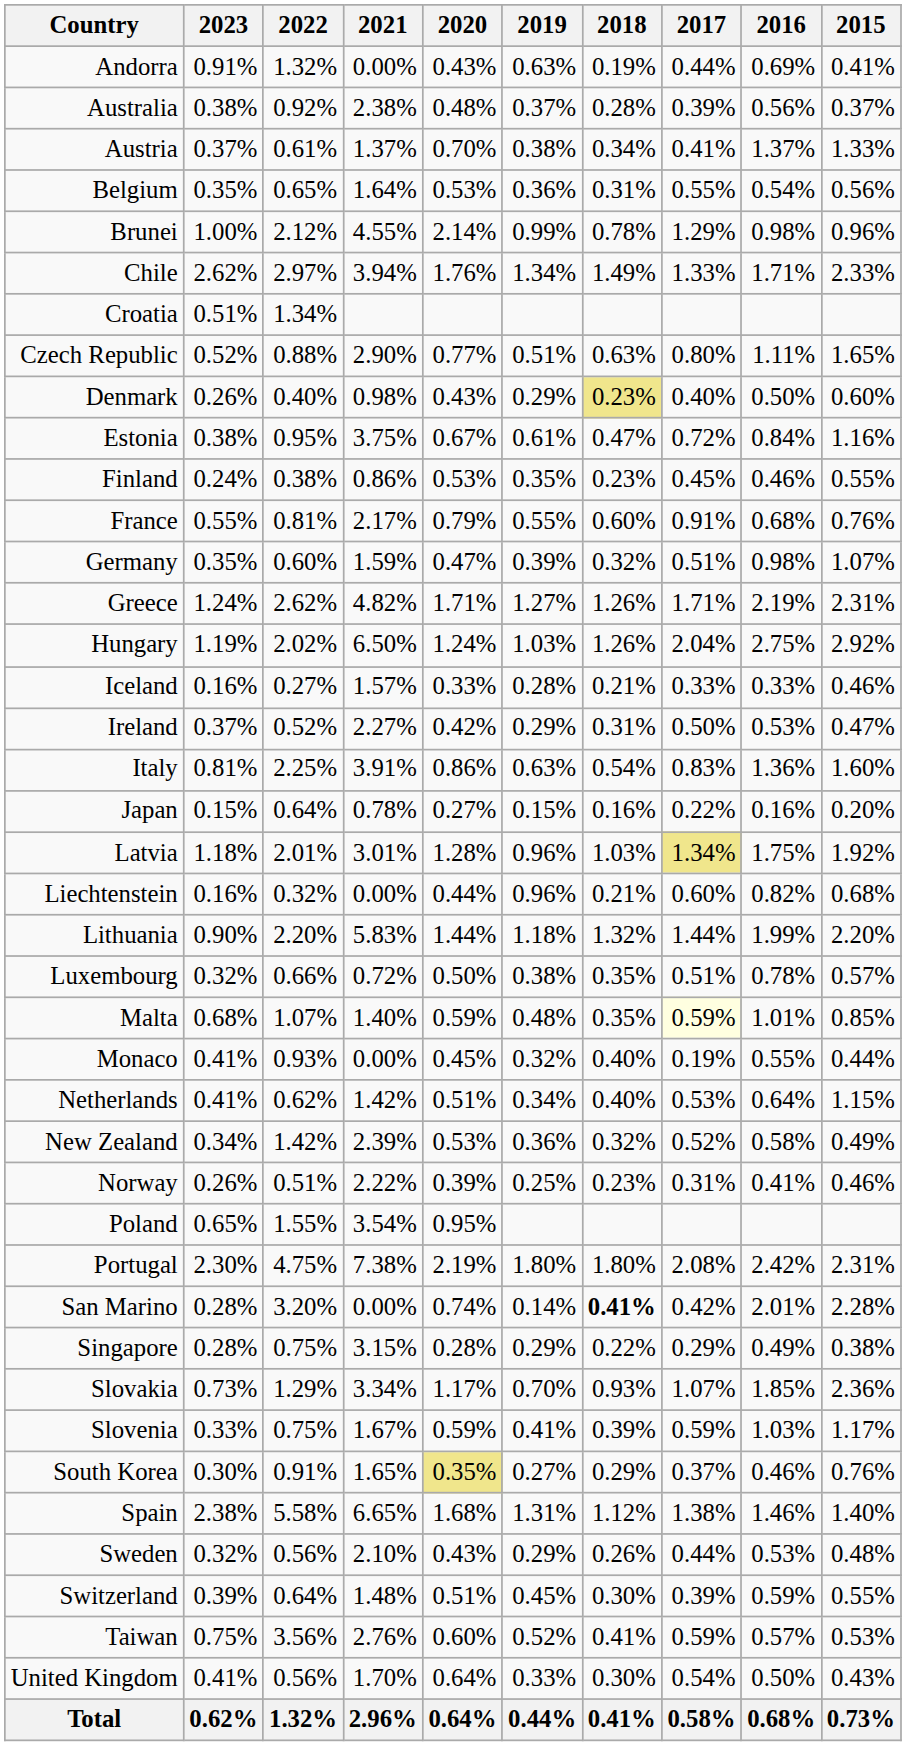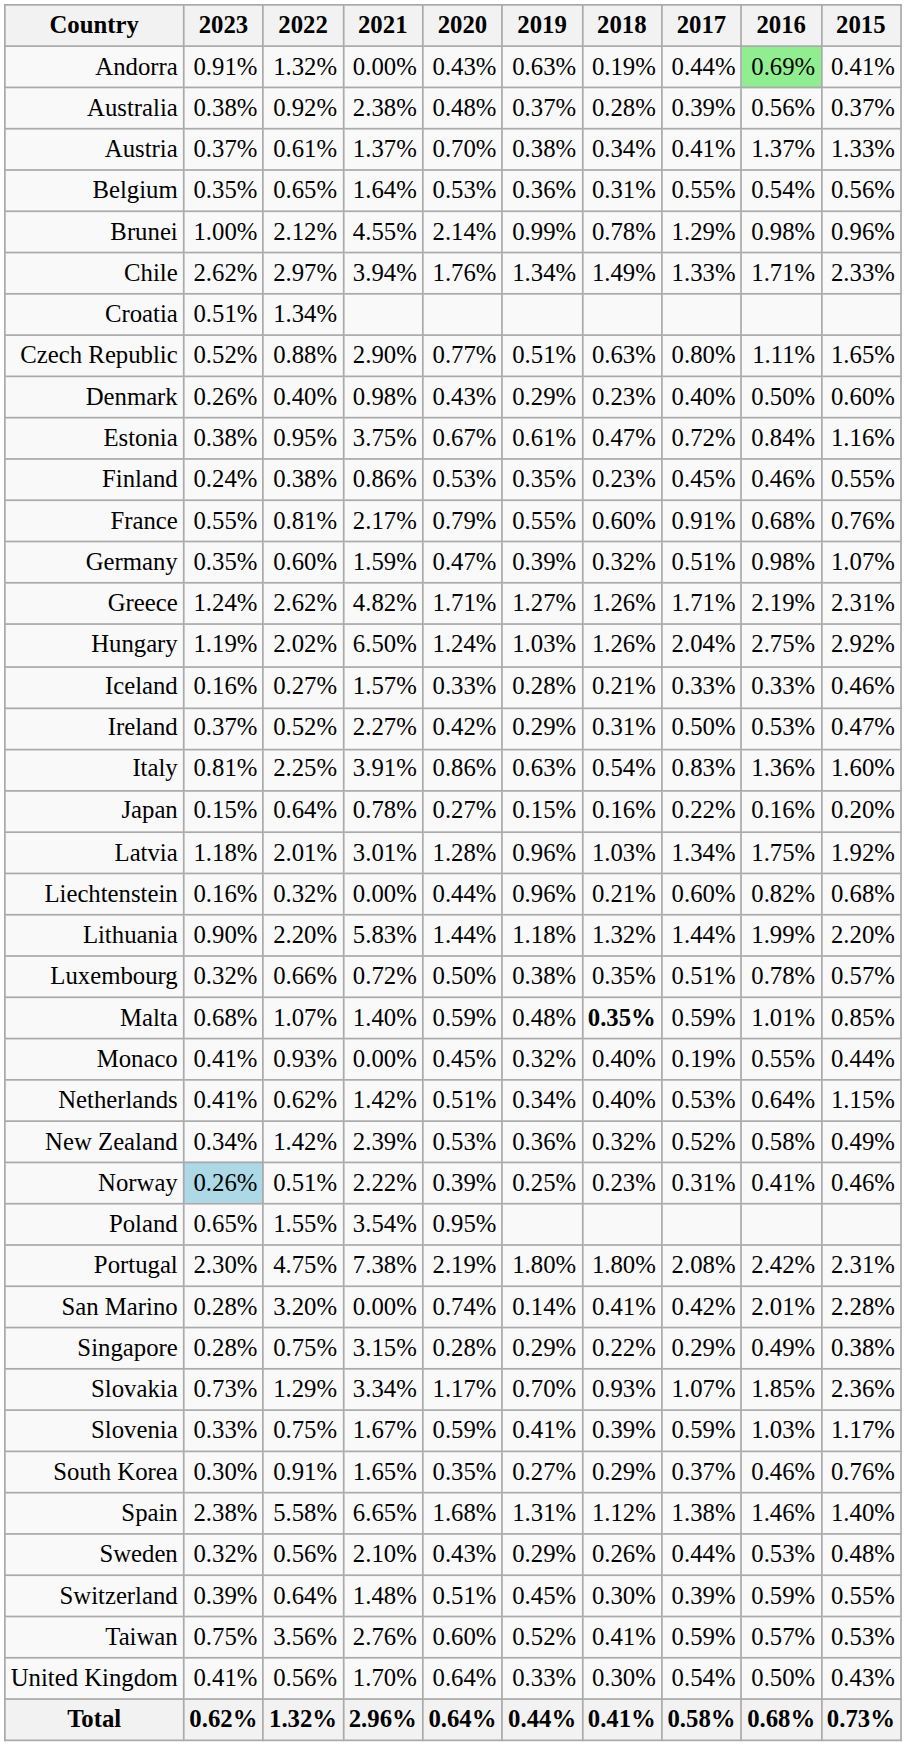 <table class="wikitable collapsible collapsed sortable" style="font-size:90%; line-height:1.2; text-align:right">
 <tr>
 <th>Country</th>
 <th>2023</th>
 <th>2022</th>
 <th>2021</th>
 <th>2020</th>
 <th>2019</th>
 <th>2018</th>
 <th>2017</th>
 <th>2016</th>
 <th>2015</th>
 </tr>
 <tr>
 <td>Andorra</td>
 <td>0.91%</td>
 <td>1.32%</td>
 <td>0.00%</td>
 <td>0.43%</td>
 <td>0.63%</td>
 <td>0.19%</td>
 <td>0.44%</td>
-<td>0.69%</td>
+<td style="background: lightgreen;">0.69%</td>
 <td>0.41%</td>
 </tr>
 <tr>
 <td>Australia</td>
 <td>0.38%</td>
 <td>0.92%</td>
 <td>2.38%</td>
 <td>0.48%</td>
 <td>0.37%</td>
 <td>0.28%</td>
 <td>0.39%</td>
 <td>0.56%</td>
 <td>0.37%</td>
 </tr>
 <tr>
 <td>Austria</td>
 <td>0.37%</td>
 <td>0.61%</td>
 <td>1.37%</td>
 <td>0.70%</td>
 <td>0.38%</td>
 <td>0.34%</td>
 <td>0.41%</td>
 <td>1.37%</td>
 <td>1.33%</td>
 </tr>
 <tr>
 <td>Belgium</td>
 <td>0.35%</td>
 <td>0.65%</td>
 <td>1.64%</td>
 <td>0.53%</td>
 <td>0.36%</td>
 <td>0.31%</td>
 <td>0.55%</td>
 <td>0.54%</td>
 <td>0.56%</td>
 </tr>
 <tr>
 <td>Brunei</td>
 <td>1.00%</td>
 <td>2.12%</td>
 <td>4.55%</td>
 <td>2.14%</td>
 <td>0.99%</td>
 <td>0.78%</td>
 <td>1.29%</td>
 <td>0.98%</td>
 <td>0.96%</td>
 </tr>
 <tr>
 <td>Chile</td>
 <td>2.62%</td>
 <td>2.97%</td>
 <td>3.94%</td>
 <td>1.76%</td>
 <td>1.34%</td>
 <td>1.49%</td>
 <td>1.33%</td>
 <td>1.71%</td>
 <td>2.33%</td>
 </tr>
 <tr>
 <td>Croatia</td>
 <td>0.51%</td>
 <td>1.34%</td>
 <td></td>
 <td></td>
 <td></td>
 <td></td>
 <td></td>
 <td></td>
 <td></td>
 </tr>
 <tr>
 <td>Czech Republic</td>
 <td>0.52%</td>
 <td>0.88%</td>
 <td>2.90%</td>
 <td>0.77%</td>
 <td>0.51%</td>
 <td>0.63%</td>
 <td>0.80%</td>
 <td>1.11%</td>
 <td>1.65%</td>
 </tr>
 <tr>
 <td>Denmark</td>
 <td>0.26%</td>
 <td>0.40%</td>
 <td>0.98%</td>
 <td>0.43%</td>
 <td>0.29%</td>
-<td style="background: khaki;">0.23%</td>
+<td>0.23%</td>
 <td>0.40%</td>
 <td>0.50%</td>
 <td>0.60%</td>
 </tr>
 <tr>
 <td>Estonia</td>
 <td>0.38%</td>
 <td>0.95%</td>
 <td>3.75%</td>
 <td>0.67%</td>
 <td>0.61%</td>
 <td>0.47%</td>
 <td>0.72%</td>
 <td>0.84%</td>
 <td>1.16%</td>
 </tr>
 <tr>
 <td>Finland</td>
 <td>0.24%</td>
 <td>0.38%</td>
 <td>0.86%</td>
 <td>0.53%</td>
 <td>0.35%</td>
 <td>0.23%</td>
 <td>0.45%</td>
 <td>0.46%</td>
 <td>0.55%</td>
 </tr>
 <tr>
 <td>France</td>
 <td>0.55%</td>
 <td>0.81%</td>
 <td>2.17%</td>
 <td>0.79%</td>
 <td>0.55%</td>
 <td>0.60%</td>
 <td>0.91%</td>
 <td>0.68%</td>
 <td>0.76%</td>
 </tr>
 <tr>
 <td>Germany</td>
 <td>0.35%</td>
 <td>0.60%</td>
 <td>1.59%</td>
 <td>0.47%</td>
 <td>0.39%</td>
 <td>0.32%</td>
 <td>0.51%</td>
 <td>0.98%</td>
 <td>1.07%</td>
 </tr>
 <tr>
 <td>Greece</td>
 <td>1.24%</td>
 <td>2.62%</td>
 <td>4.82%</td>
 <td>1.71%</td>
 <td>1.27%</td>
 <td>1.26%</td>
 <td>1.71%</td>
 <td>2.19%</td>
 <td>2.31%</td>
 </tr>
 <tr>
 <td>Hungary</td>
 <td>1.19%</td>
 <td>2.02%</td>
 <td>6.50%</td>
 <td>1.24%</td>
 <td>1.03%</td>
 <td>1.26%</td>
 <td>2.04%</td>
 <td>2.75%</td>
 <td>2.92%</td>
 </tr>
 <tr>
 <td>Iceland</td>
 <td>0.16%</td>
 <td>0.27%</td>
 <td>1.57%</td>
 <td>0.33%</td>
 <td>0.28%</td>
 <td>0.21%</td>
 <td>0.33%</td>
 <td>0.33%</td>
 <td>0.46%</td>
 </tr>
 <tr>
 <td>Ireland</td>
 <td>0.37%</td>
 <td>0.52%</td>
 <td>2.27%</td>
 <td>0.42%</td>
 <td>0.29%</td>
 <td>0.31%</td>
 <td>0.50%</td>
 <td>0.53%</td>
 <td>0.47%</td>
 </tr>
 <tr>
 <td>Italy</td>
 <td>0.81%</td>
 <td>2.25%</td>
 <td>3.91%</td>
 <td>0.86%</td>
 <td>0.63%</td>
 <td>0.54%</td>
 <td>0.83%</td>
 <td>1.36%</td>
 <td>1.60%</td>
 </tr>
 <tr>
 <td>Japan</td>
 <td>0.15%</td>
 <td>0.64%</td>
 <td>0.78%</td>
 <td>0.27%</td>
 <td>0.15%</td>
 <td>0.16%</td>
 <td>0.22%</td>
 <td>0.16%</td>
 <td>0.20%</td>
 </tr>
 <tr>
 <td>Latvia</td>
 <td>1.18%</td>
 <td>2.01%</td>
 <td>3.01%</td>
 <td>1.28%</td>
 <td>0.96%</td>
 <td>1.03%</td>
-<td style="background: khaki;">1.34%</td>
+<td>1.34%</td>
 <td>1.75%</td>
 <td>1.92%</td>
 </tr>
 <tr>
 <td>Liechtenstein</td>
 <td>0.16%</td>
 <td>0.32%</td>
 <td>0.00%</td>
 <td>0.44%</td>
 <td>0.96%</td>
 <td>0.21%</td>
 <td>0.60%</td>
 <td>0.82%</td>
 <td>0.68%</td>
 </tr>
 <tr>
 <td>Lithuania</td>
 <td>0.90%</td>
 <td>2.20%</td>
 <td>5.83%</td>
 <td>1.44%</td>
 <td>1.18%</td>
 <td>1.32%</td>
 <td>1.44%</td>
 <td>1.99%</td>
 <td>2.20%</td>
 </tr>
 <tr>
 <td>Luxembourg</td>
 <td>0.32%</td>
 <td>0.66%</td>
 <td>0.72%</td>
 <td>0.50%</td>
 <td>0.38%</td>
 <td>0.35%</td>
 <td>0.51%</td>
 <td>0.78%</td>
 <td>0.57%</td>
 </tr>
 <tr>
 <td>Malta</td>
 <td>0.68%</td>
 <td>1.07%</td>
 <td>1.40%</td>
 <td>0.59%</td>
 <td>0.48%</td>
-<td>0.35%</td>
-<td style="background: lightyellow;">0.59%</td>
+<td><strong>0.35%</strong></td>
+<td>0.59%</td>
 <td>1.01%</td>
 <td>0.85%</td>
 </tr>
 <tr>
 <td>Monaco</td>
 <td>0.41%</td>
 <td>0.93%</td>
 <td>0.00%</td>
 <td>0.45%</td>
 <td>0.32%</td>
 <td>0.40%</td>
 <td>0.19%</td>
 <td>0.55%</td>
 <td>0.44%</td>
 </tr>
 <tr>
 <td>Netherlands</td>
 <td>0.41%</td>
 <td>0.62%</td>
 <td>1.42%</td>
 <td>0.51%</td>
 <td>0.34%</td>
 <td>0.40%</td>
 <td>0.53%</td>
 <td>0.64%</td>
 <td>1.15%</td>
 </tr>
 <tr>
 <td>New Zealand</td>
 <td>0.34%</td>
 <td>1.42%</td>
 <td>2.39%</td>
 <td>0.53%</td>
 <td>0.36%</td>
 <td>0.32%</td>
 <td>0.52%</td>
 <td>0.58%</td>
 <td>0.49%</td>
 </tr>
 <tr>
 <td>Norway</td>
-<td>0.26%</td>
+<td style="background: lightblue;">0.26%</td>
 <td>0.51%</td>
 <td>2.22%</td>
 <td>0.39%</td>
 <td>0.25%</td>
 <td>0.23%</td>
 <td>0.31%</td>
 <td>0.41%</td>
 <td>0.46%</td>
 </tr>
 <tr>
 <td>Poland</td>
 <td>0.65%</td>
 <td>1.55%</td>
 <td>3.54%</td>
 <td>0.95%</td>
 <td></td>
 <td></td>
 <td></td>
 <td></td>
 <td></td>
 </tr>
 <tr>
 <td>Portugal</td>
 <td>2.30%</td>
 <td>4.75%</td>
 <td>7.38%</td>
 <td>2.19%</td>
 <td>1.80%</td>
 <td>1.80%</td>
 <td>2.08%</td>
 <td>2.42%</td>
 <td>2.31%</td>
 </tr>
 <tr>
 <td>San Marino</td>
 <td>0.28%</td>
 <td>3.20%</td>
 <td>0.00%</td>
 <td>0.74%</td>
 <td>0.14%</td>
-<td><strong>0.41%</strong></td>
+<td>0.41%</td>
 <td>0.42%</td>
 <td>2.01%</td>
 <td>2.28%</td>
 </tr>
 <tr>
 <td>Singapore</td>
 <td>0.28%</td>
 <td>0.75%</td>
 <td>3.15%</td>
 <td>0.28%</td>
 <td>0.29%</td>
 <td>0.22%</td>
 <td>0.29%</td>
 <td>0.49%</td>
 <td>0.38%</td>
 </tr>
 <tr>
 <td>Slovakia</td>
 <td>0.73%</td>
 <td>1.29%</td>
 <td>3.34%</td>
 <td>1.17%</td>
 <td>0.70%</td>
 <td>0.93%</td>
 <td>1.07%</td>
 <td>1.85%</td>
 <td>2.36%</td>
 </tr>
 <tr>
 <td>Slovenia</td>
 <td>0.33%</td>
 <td>0.75%</td>
 <td>1.67%</td>
 <td>0.59%</td>
 <td>0.41%</td>
 <td>0.39%</td>
 <td>0.59%</td>
 <td>1.03%</td>
 <td>1.17%</td>
 </tr>
 <tr>
 <td>South Korea</td>
 <td>0.30%</td>
 <td>0.91%</td>
 <td>1.65%</td>
-<td style="background: khaki;">0.35%</td>
+<td>0.35%</td>
 <td>0.27%</td>
 <td>0.29%</td>
 <td>0.37%</td>
 <td>0.46%</td>
 <td>0.76%</td>
 </tr>
 <tr>
 <td>Spain</td>
 <td>2.38%</td>
 <td>5.58%</td>
 <td>6.65%</td>
 <td>1.68%</td>
 <td>1.31%</td>
 <td>1.12%</td>
 <td>1.38%</td>
 <td>1.46%</td>
 <td>1.40%</td>
 </tr>
 <tr>
 <td>Sweden</td>
 <td>0.32%</td>
 <td>0.56%</td>
 <td>2.10%</td>
 <td>0.43%</td>
 <td>0.29%</td>
 <td>0.26%</td>
 <td>0.44%</td>
 <td>0.53%</td>
 <td>0.48%</td>
 </tr>
 <tr>
 <td>Switzerland</td>
 <td>0.39%</td>
 <td>0.64%</td>
 <td>1.48%</td>
 <td>0.51%</td>
 <td>0.45%</td>
 <td>0.30%</td>
 <td>0.39%</td>
 <td>0.59%</td>
 <td>0.55%</td>
 </tr>
 <tr>
 <td>Taiwan</td>
 <td>0.75%</td>
 <td>3.56%</td>
 <td>2.76%</td>
 <td>0.60%</td>
 <td>0.52%</td>
 <td>0.41%</td>
 <td>0.59%</td>
 <td>0.57%</td>
 <td>0.53%</td>
 </tr>
 <tr>
 <td>United Kingdom</td>
 <td>0.41%</td>
 <td>0.56%</td>
 <td>1.70%</td>
 <td>0.64%</td>
 <td>0.33%</td>
 <td>0.30%</td>
 <td>0.54%</td>
 <td>0.50%</td>
 <td>0.43%</td>
 </tr>
 <tr class=sortbottom>
 <th>Total</th>
 <th>0.62%</th>
 <th>1.32%</th>
 <th>2.96%</th>
 <th>0.64%</th>
 <th>0.44%</th>
 <th>0.41%</th>
 <th>0.58%</th>
 <th>0.68%</th>
 <th>0.73%</th>
 </tr>
 </table>
